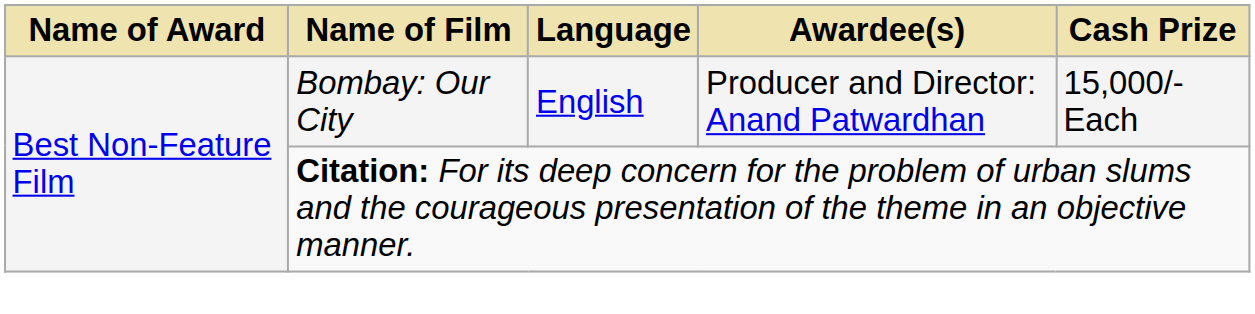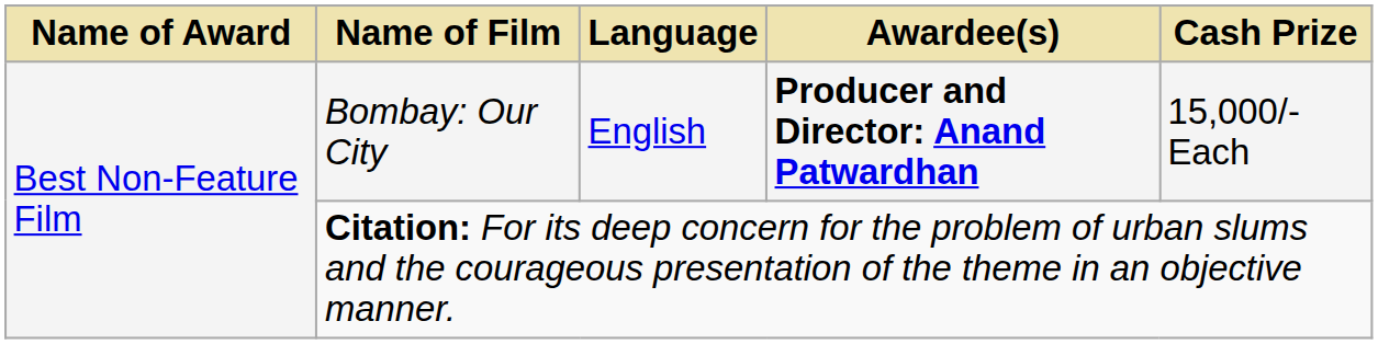 <table class="wikitable">
 <tr>
 <th style="background-color:#EFE4B0;width:24%;">Name of Award</th>
 <th style="background-color:#EFE4B0;width:20%;">Name of Film</th>
 <th style="background-color:#EFE4B0;width:10%;">Language</th>
 <th style="background-color:#EFE4B0;width:30%;">Awardee(s)</th>
 <th style="background-color:#EFE4B0;width:16%;">Cash Prize</th>
 </tr>
 <tr style="background-color:#F4F4F4">
 <td rowspan="2"><a href='#'>Best Non-Feature Film</a></td>
 <td><em>Bombay: Our City</em></td>
 <td><a href='#'>English</a></td>
-<td>Producer and Director: <a href='#'>Anand Patwardhan</a></td>
+<td><strong>Producer and Director: <a href='#'>Anand Patwardhan</a></strong></td>
 <td> 15,000/- Each</td>
 </tr>
 <tr style="background-color:#F9F9F9">
 <td colspan="4"><strong>Citation:</strong> <em>For its deep concern for the problem of urban slums and the courageous presentation of the theme in an objective manner.</em></td>
 </tr>
 </table>
